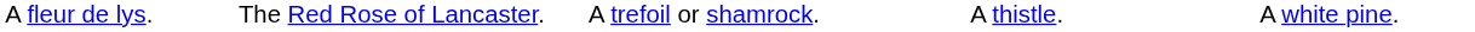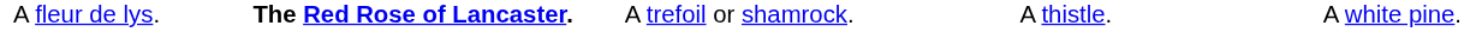 <table border="0" class="center">
 <tr>
 <td width="20%" align="center"></td>
 <td width="20%" align="center"></td>
 <td width="20%" align="center"></td>
 <td width="20%" align="center"></td>
 <td width="20%" align="center"></td>
 </tr>
 <tr>
 <td width="20%" align="center">A <a href='#'>fleur de lys</a>.</td>
-<td width="20%" align="center">The <a href='#'>Red Rose of Lancaster</a>.</td>
+<td width="20%" align="center"><strong>The <a href='#'>Red Rose of Lancaster</a>.</strong></td>
 <td width="20%" align="center">A <a href='#'>trefoil</a> or <a href='#'>shamrock</a>.</td>
 <td width="20%" align="center">A <a href='#'>thistle</a>.</td>
 <td width="20%" align="center">A <a href='#'>white pine</a>.</td>
 </tr>
 </table>
